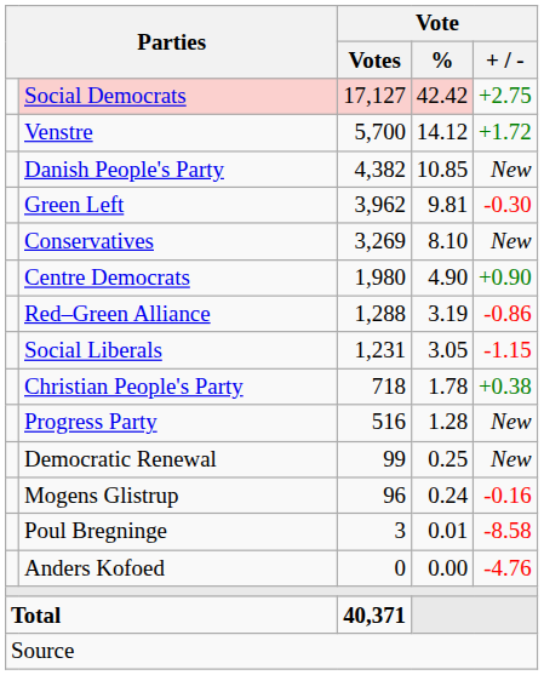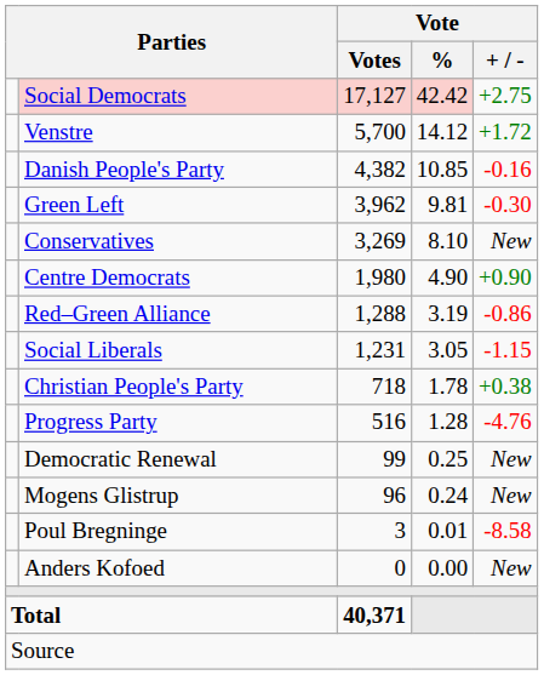 <table class="wikitable" style="text-align:right;">
 <tr>
 <th style="text-align:centre;" rowspan="2" colspan="2" width="225">Parties</th>
 <th colspan="3">Vote</th>
 </tr>
 <tr>
 <th width="15">Votes</th>
 <th width="15">%</th>
 <th width="15">+ / -</th>
 </tr>
 <tr>
 <td width="2" style="color:inherit;background:"></td>
 <td bgcolor=#fbd0ce  align="left"><a href='#'>Social Democrats</a></td>
 <td bgcolor=#fbd0ce>17,127</td>
 <td bgcolor=#fbd0ce>42.42</td>
 <td style=color:green;>+2.75</td>
 </tr>
 <tr>
 <td width="2" style="color:inherit;background:"></td>
 <td align="left"><a href='#'>Venstre</a></td>
 <td>5,700</td>
 <td>14.12</td>
 <td style=color:green;>+1.72</td>
 </tr>
 <tr>
 <td width="2" style="color:inherit;background:"></td>
 <td align="left"><a href='#'>Danish People's Party</a></td>
 <td>4,382</td>
 <td>10.85</td>
-<td><em>New</em></td>
+<td style=color:red;>-0.16</td>
 </tr>
 <tr>
 <td width="2" style="color:inherit;background:"></td>
 <td align="left"><a href='#'>Green Left</a></td>
 <td>3,962</td>
 <td>9.81</td>
 <td style=color:red;>-0.30</td>
 </tr>
 <tr>
 <td width="2" style="color:inherit;background:"></td>
 <td align="left"><a href='#'>Conservatives</a></td>
 <td>3,269</td>
 <td>8.10</td>
 <td><em>New</em></td>
 </tr>
 <tr>
 <td width="2" style="color:inherit;background:"></td>
 <td align="left"><a href='#'>Centre Democrats</a></td>
 <td>1,980</td>
 <td>4.90</td>
 <td style=color:green;>+0.90</td>
 </tr>
 <tr>
 <td width="2" style="color:inherit;background:"></td>
 <td align="left"><a href='#'>Red–Green Alliance</a></td>
 <td>1,288</td>
 <td>3.19</td>
 <td style=color:red;>-0.86</td>
 </tr>
 <tr>
 <td width="2" style="color:inherit;background:"></td>
 <td align="left"><a href='#'>Social Liberals</a></td>
 <td>1,231</td>
 <td>3.05</td>
 <td style=color:red;>-1.15</td>
 </tr>
 <tr>
 <td width="2" style="color:inherit;background:"></td>
 <td align="left"><a href='#'>Christian People's Party</a></td>
 <td>718</td>
 <td>1.78</td>
 <td style=color:green;>+0.38</td>
 </tr>
 <tr>
 <td width="2" style="color:inherit;background:"></td>
 <td align="left"><a href='#'>Progress Party</a></td>
 <td>516</td>
 <td>1.28</td>
-<td><em>New</em></td>
+<td style=color:red;>-4.76</td>
 </tr>
 <tr>
 <td width="2" style="color:inherit;background:"></td>
 <td align="left">Democratic Renewal</td>
 <td>99</td>
 <td>0.25</td>
 <td><em>New</em></td>
 </tr>
 <tr>
 <td width="2" style="color:inherit;background:"></td>
 <td align="left">Mogens Glistrup</td>
 <td>96</td>
 <td>0.24</td>
-<td style=color:red;>-0.16</td>
+<td><em>New</em></td>
 </tr>
 <tr>
 <td width="2" style="color:inherit;background:"></td>
 <td align="left">Poul Bregninge</td>
 <td>3</td>
 <td>0.01</td>
 <td style=color:red;>-8.58</td>
 </tr>
 <tr>
 <td width="2" style="color:inherit;background:"></td>
 <td align="left">Anders Kofoed</td>
 <td>0</td>
 <td>0.00</td>
-<td style=color:red;>-4.76</td>
+<td><em>New</em></td>
 </tr>
 <tr>
 <td colspan="7" bgcolor="#E9E9E9"></td>
 </tr>
 <tr>
 <td align="left" colspan="2"><strong>Total</strong></td>
 <td><strong>40,371</strong></td>
 <td bgcolor="#E9E9E9" colspan="2"></td>
 </tr>
 <tr>
 <td align="left" colspan="6">Source</td>
 </tr>
 </table>
